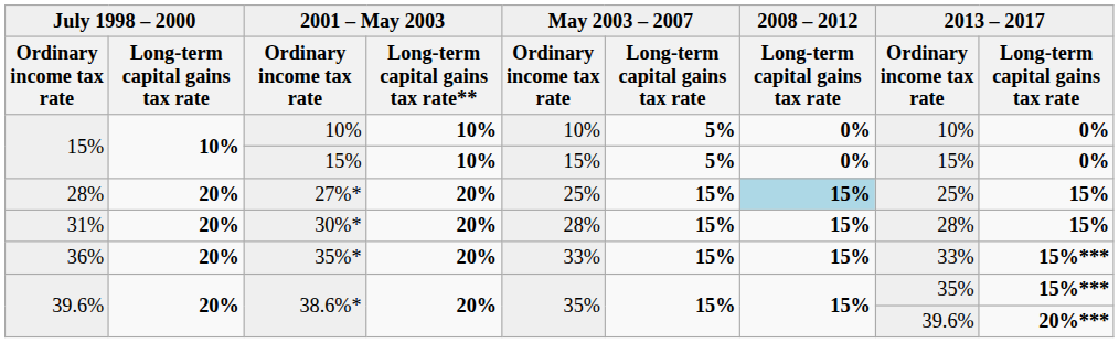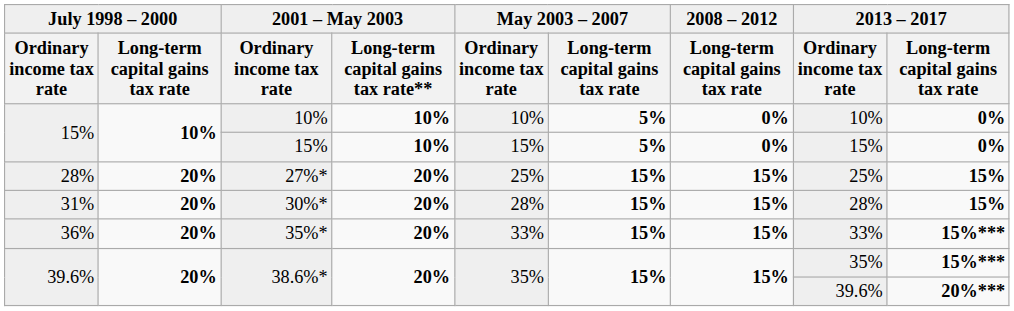 <table class=wikitable style="text-align:right">
 <tr>
 <th colspan="2" style="background:#efefef;">July 1998 – 2000</th>
 <th colspan="2" style="background:#efefef;">2001 – May 2003</th>
 <th colspan="2" style="background:#efefef;">May 2003 – 2007</th>
 <th style="background:#efefef;">2008 – 2012</th>
 <th colspan="2" style="background:#efefef;">2013 – 2017</th>
 </tr>
 <tr>
 <th style="width:75px;">Ordinary income tax rate</th>
 <th width=100>Long-term capital gains<br>tax rate</th>
 <th style="width:90px;">Ordinary income tax rate</th>
 <th width=100>Long-term capital gains<br>tax rate**</th>
 <th style="width:75px;">Ordinary income tax rate</th>
 <th width=100>Long-term capital gains<br>tax rate</th>
 <th width=100>Long-term capital gains<br>tax rate</th>
 <th style="width:75px;">Ordinary income tax rate</th>
 <th width=100>Long-term capital gains<br>tax rate</th>
 </tr>
 <tr>
 <td rowspan="2" style="background:#efefef;">15%</td>
 <td rowspan="2"><strong>10%</strong></td>
 <td style="background:#efefef;">10%</td>
 <td><strong>10%</strong></td>
 <td style="background:#efefef;">10%</td>
 <td><strong>5%</strong></td>
 <td><strong>0%</strong></td>
 <td style="background:#efefef;">10%</td>
 <td><strong>0%</strong></td>
 </tr>
 <tr>
 <td style="background:#efefef;">15%</td>
 <td><strong>10%</strong></td>
 <td style="background:#efefef;">15%</td>
 <td><strong>5%</strong></td>
 <td><strong>0%</strong></td>
 <td style="background:#efefef;">15%</td>
 <td><strong>0%</strong></td>
 </tr>
 <tr>
 <td style="background:#efefef;">28%</td>
 <td><strong>20%</strong></td>
 <td style="background:#efefef;">27%*</td>
 <td><strong>20%</strong></td>
 <td style="background:#efefef;">25%</td>
 <td><strong>15%</strong></td>
-<td style="background: lightblue;"><strong>15%</strong></td>
+<td><strong>15%</strong></td>
 <td style="background:#efefef;">25%</td>
 <td><strong>15%</strong></td>
 </tr>
 <tr>
 <td style="background:#efefef;">31%</td>
 <td><strong>20%</strong></td>
 <td style="background:#efefef;">30%*</td>
 <td><strong>20%</strong></td>
 <td style="background:#efefef;">28%</td>
 <td><strong>15%</strong></td>
 <td><strong>15%</strong></td>
 <td style="background:#efefef;">28%</td>
 <td><strong>15%</strong></td>
 </tr>
 <tr>
 <td style="background:#efefef;">36%</td>
 <td><strong>20%</strong></td>
 <td style="background:#efefef;">35%*</td>
 <td><strong>20%</strong></td>
 <td style="background:#efefef;">33%</td>
 <td><strong>15%</strong></td>
 <td><strong>15%</strong></td>
 <td style="background:#efefef;">33%</td>
 <td><strong>15%***</strong></td>
 </tr>
 <tr>
 <td style="background:#efefef;" rowspan="2">39.6%</td>
 <td rowspan="2"><strong>20%</strong></td>
 <td style="background:#efefef;" rowspan="2">38.6%*</td>
 <td rowspan="2"><strong>20%</strong></td>
 <td style="background:#efefef;" rowspan="2">35%</td>
 <td rowspan="2"><strong>15%</strong></td>
 <td rowspan="2"><strong>15%</strong></td>
 <td style="background:#efefef;">35%</td>
 <td><strong>15%***</strong></td>
 </tr>
 <tr>
 <td style="background:#efefef;">39.6%</td>
 <td><strong>20%***</strong></td>
 </tr>
 </table>
